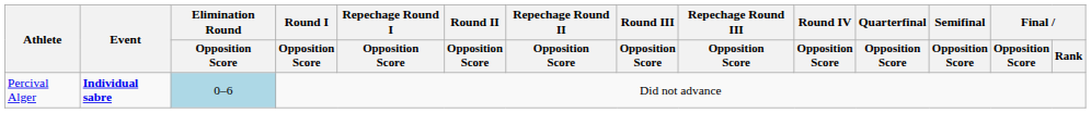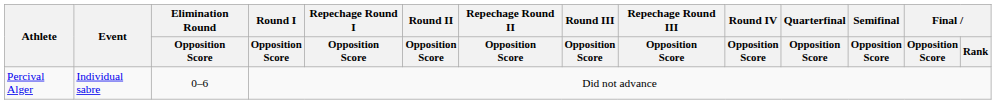 <table class="wikitable" style="font-size:90%">
 <tr>
 <th rowspan="2">Athlete</th>
 <th rowspan="2">Event</th>
 <th>Elimination Round</th>
 <th>Round I</th>
 <th>Repechage Round I</th>
 <th>Round II</th>
 <th>Repechage Round II</th>
 <th>Round III</th>
 <th>Repechage Round III</th>
 <th>Round IV</th>
 <th>Quarterfinal</th>
 <th>Semifinal</th>
 <th colspan=2>Final / </th>
 </tr>
 <tr style="font-size:95%">
 <th>Opposition <br> Score</th>
 <th>Opposition <br> Score</th>
 <th>Opposition <br> Score</th>
 <th>Opposition <br> Score</th>
 <th>Opposition <br> Score</th>
 <th>Opposition <br> Score</th>
 <th>Opposition <br> Score</th>
 <th>Opposition <br> Score</th>
 <th>Opposition <br> Score</th>
 <th>Opposition <br> Score</th>
 <th>Opposition <br> Score</th>
 <th>Rank</th>
 </tr>
 <tr align=center>
 <td align=left><a href='#'>Percival Alger</a></td>
-<td align=left><strong><a href='#'>Individual sabre</a></strong></td>
-<td style="background: lightblue;">0–6</td>
+<td align=left><a href='#'>Individual sabre</a></td>
+<td>0–6</td>
 <td colspan=11>Did not advance</td>
 </tr>
 </table>
